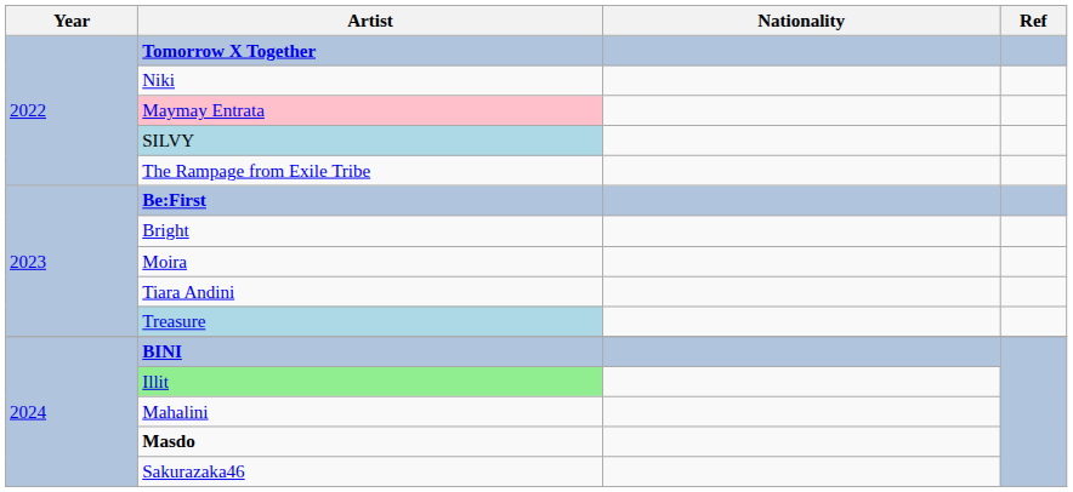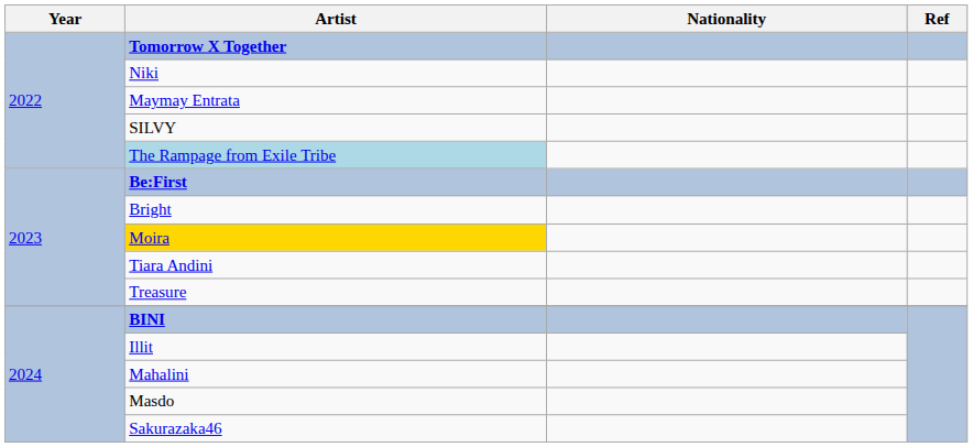 <table class="wikitable sortable plainrowheaders" style="font-size:95%; width:100%;">
 <tr style="background:#bebebe;">
 <th style="width:10%;">Year</th>
 <th style="width:35%;">Artist</th>
 <th style="width:30%;">Nationality</th>
 <th style="width:5%;">Ref</th>
 </tr>
 <tr style="background:#B0C4DE">
 <td rowspan="5"><a href='#'>2022</a></td>
 <td><strong><a href='#'>Tomorrow X Together</a></strong></td>
 <td></td>
 <td></td>
 </tr>
 <tr>
 <td><a href='#'>Niki</a></td>
 <td></td>
 <td></td>
 </tr>
 <tr>
-<td style="background: pink;"><a href='#'>Maymay Entrata</a></td>
+<td><a href='#'>Maymay Entrata</a></td>
 <td></td>
 <td></td>
 </tr>
 <tr>
-<td style="background: lightblue;">SILVY</td>
+<td>SILVY</td>
 <td></td>
 <td></td>
 </tr>
 <tr>
-<td><a href='#'>The Rampage from Exile Tribe</a></td>
+<td style="background: lightblue;"><a href='#'>The Rampage from Exile Tribe</a></td>
 <td></td>
 <td></td>
 </tr>
 <tr style="background:#B0C4DE">
 <td rowspan="5"><a href='#'>2023</a></td>
 <td><strong><a href='#'>Be:First</a></strong></td>
 <td></td>
 <td></td>
 </tr>
 <tr>
 <td><a href='#'>Bright</a></td>
 <td></td>
 <td></td>
 </tr>
 <tr>
-<td><a href='#'>Moira</a></td>
+<td style="background: gold;"><a href='#'>Moira</a></td>
 <td></td>
 <td></td>
 </tr>
 <tr>
 <td><a href='#'>Tiara Andini</a></td>
 <td></td>
 <td></td>
 </tr>
 <tr>
-<td style="background: lightblue;"><a href='#'>Treasure</a></td>
+<td><a href='#'>Treasure</a></td>
 <td></td>
 <td></td>
 </tr>
 <tr>
 </tr>
 <tr style="background:#B0C4DE">
 <td rowspan="5"><a href='#'>2024</a></td>
 <td><strong><a href='#'>BINI</a></strong></td>
 <td></td>
 <td rowspan="5"></td>
 </tr>
 <tr>
-<td style="background: lightgreen;"><a href='#'>Illit</a></td>
+<td><a href='#'>Illit</a></td>
 <td></td>
 </tr>
 <tr>
 <td><a href='#'>Mahalini</a></td>
 <td></td>
 </tr>
 <tr>
-<td><strong>Masdo</strong></td>
+<td>Masdo</td>
 <td></td>
 </tr>
 <tr>
 <td><a href='#'>Sakurazaka46</a></td>
 <td></td>
 </tr>
 </table>
